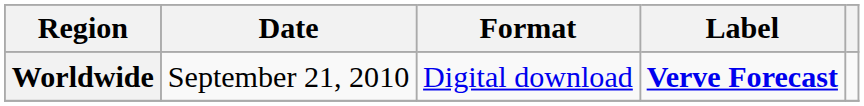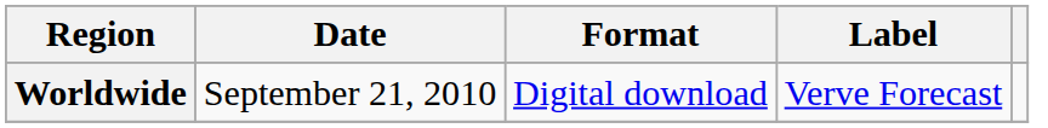 <table class="wikitable plainrowheaders">
 <tr>
 <th scope="col">Region</th>
 <th scope="col">Date</th>
 <th scope="col">Format</th>
 <th scope="col">Label</th>
 <th scope="col"></th>
 </tr>
 <tr>
 <th scope="row">Worldwide</th>
 <td rowspan="1">September 21, 2010</td>
 <td rowspan="1"><a href='#'>Digital download</a></td>
-<td rowspan="1"><strong><a href='#'>Verve Forecast</a></strong></td>
+<td rowspan="1"><a href='#'>Verve Forecast</a></td>
 <td></td>
 </tr>
 <tr>
 </tr>
 </table>
